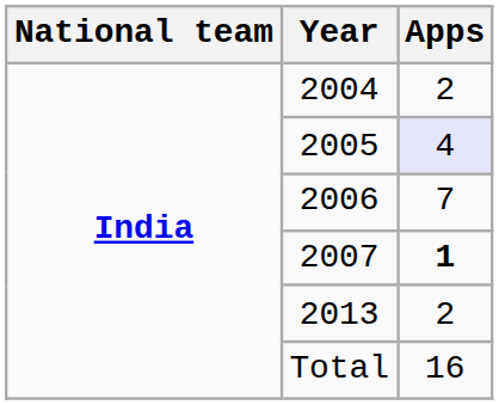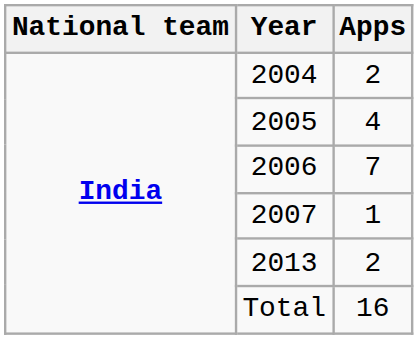 <table class="wikitable" style="font-size:90%; text-align: center;">
 <tr>
 <th>National team</th>
 <th>Year</th>
 <th>Apps</th>
 </tr>
 <tr>
 <td rowspan=7><strong><a href='#'>India</a></strong></td>
 <td>2004</td>
 <td>2</td>
 </tr>
 <tr>
 <td>2005</td>
-<td style="background: lavender;">4</td>
+<td>4</td>
 </tr>
 <tr>
 <td>2006</td>
 <td>7</td>
 </tr>
 <tr>
 <td>2007</td>
-<td><strong>1</strong></td>
+<td>1</td>
 </tr>
 <tr>
 <td>2013</td>
 <td>2</td>
 </tr>
 <tr>
 <td>Total</td>
 <td>16</td>
 </tr>
 </table>
